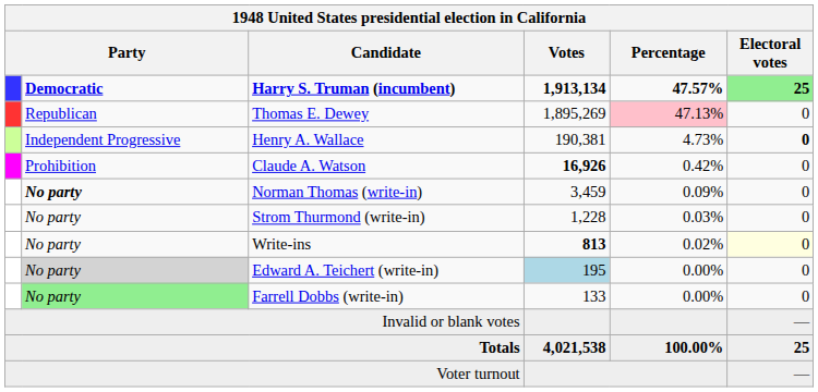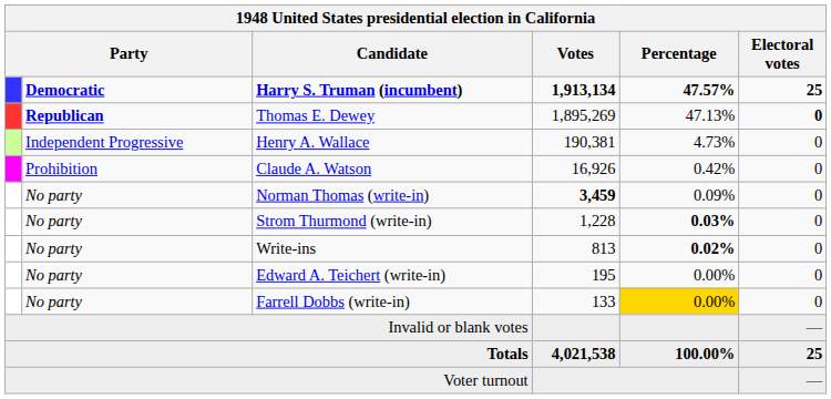 <table class="wikitable" style="font-size: 95%;">
 <tr>
 <th colspan="6">1948 United States presidential election in California</th>
 </tr>
 <tr>
 <th colspan="2" style="width: 15em">Party</th>
 <th style="width: 17em">Candidate</th>
 <th style="width: 5em">Votes</th>
 <th style="width: 7em">Percentage</th>
 <th style="width: 5em">Electoral votes</th>
 </tr>
 <tr>
 <th style="background-color:#3333FF; width: 3px"></th>
 <td style="width: 130px"><strong><a href='#'>Democratic</a></strong></td>
 <td><strong><a href='#'>Harry S. Truman</a> (<a href='#'>incumbent</a>)</strong></td>
 <td align="right"><strong>1,913,134</strong></td>
 <td align="right"><strong>47.57%</strong></td>
-<td align="right" style="background: lightgreen;"><strong>25</strong></td>
+<td align="right"><strong>25</strong></td>
 </tr>
 <tr>
 <th style="background-color:#FF3333; width: 3px"></th>
-<td style="width: 130px"><a href='#'>Republican</a></td>
+<td style="width: 130px"><strong><a href='#'>Republican</a></strong></td>
 <td><a href='#'>Thomas E. Dewey</a></td>
 <td align="right">1,895,269</td>
-<td align="right" style="background: pink;">47.13%</td>
-<td align="right">0</td>
+<td align="right">47.13%</td>
+<td align="right"><strong>0</strong></td>
 </tr>
 <tr>
 <th style="background-color:#CCFF99; width: 3px"></th>
 <td style="width: 130px"><a href='#'>Independent Progressive</a></td>
 <td><a href='#'>Henry A. Wallace</a></td>
 <td align="right">190,381</td>
 <td align="right">4.73%</td>
-<td align="right"><strong>0</strong></td>
+<td align="right">0</td>
 </tr>
 <tr>
 <th style="background-color:#FF00FF; width: 3px"></th>
 <td style="width: 130px"><a href='#'>Prohibition</a></td>
 <td><a href='#'>Claude A. Watson</a></td>
-<td align="right"><strong>16,926</strong></td>
+<td align="right">16,926</td>
 <td align="right">0.42%</td>
 <td align="right">0</td>
 </tr>
 <tr>
 <th style="background-color:#FFFFFF; width: 3px"></th>
-<td style="width: 130px"><strong><em>No party</em></strong></td>
+<td style="width: 130px"><em>No party</em></td>
 <td><a href='#'>Norman Thomas</a> (<a href='#'>write-in</a>)</td>
-<td align="right">3,459</td>
+<td align="right"><strong>3,459</strong></td>
 <td align="right">0.09%</td>
 <td align="right">0</td>
 </tr>
 <tr>
 <th style="background-color:#FFFFFF; width: 3px"></th>
 <td style="width: 130px"><em>No party</em></td>
 <td><a href='#'>Strom Thurmond</a> (write-in)</td>
 <td align="right">1,228</td>
-<td align="right">0.03%</td>
+<td align="right"><strong>0.03%</strong></td>
 <td align="right">0</td>
 </tr>
 <tr>
 <th style="background-color:#FFFFFF; width: 3px"></th>
 <td style="width: 130px"><em>No party</em></td>
 <td>Write-ins</td>
-<td align="right"><strong>813</strong></td>
-<td align="right">0.02%</td>
-<td align="right" style="background: lightyellow;">0</td>
+<td align="right">813</td>
+<td align="right"><strong>0.02%</strong></td>
+<td align="right">0</td>
 </tr>
 <tr>
 <th style="background-color:#FFFFFF; width: 3px"></th>
-<td style="background: lightgrey; width: 130px"><em>No party</em></td>
+<td style="width: 130px"><em>No party</em></td>
 <td><a href='#'>Edward A. Teichert</a> (write-in)</td>
-<td align="right" style="background: lightblue;">195</td>
+<td align="right">195</td>
 <td align="right">0.00%</td>
 <td align="right">0</td>
 </tr>
 <tr>
 <th style="background-color:#FFFFFF; width: 3px"></th>
-<td style="background: lightgreen; width: 130px"><em>No party</em></td>
+<td style="width: 130px"><em>No party</em></td>
 <td><a href='#'>Farrell Dobbs</a> (write-in)</td>
 <td align="right">133</td>
-<td align="right">0.00%</td>
+<td align="right" style="background: gold;">0.00%</td>
 <td align="right">0</td>
 </tr>
 <tr bgcolor="#EEEEEE">
 <td colspan="3" align="right">Invalid or blank votes</td>
 <td align="right"></td>
 <td align="right"></td>
 <td align="right">—</td>
 </tr>
 <tr bgcolor="#EEEEEE">
 <td colspan="3" align="right"><strong>Totals</strong></td>
 <td align="right"><strong>4,021,538</strong></td>
 <td align="right"><strong>100.00%</strong></td>
 <td align="right"><strong>25</strong></td>
 </tr>
 <tr bgcolor="#EEEEEE">
 <td colspan="3" align="right">Voter turnout</td>
 <td colspan="2" align="right"></td>
 <td align="right">—</td>
 </tr>
 </table>
